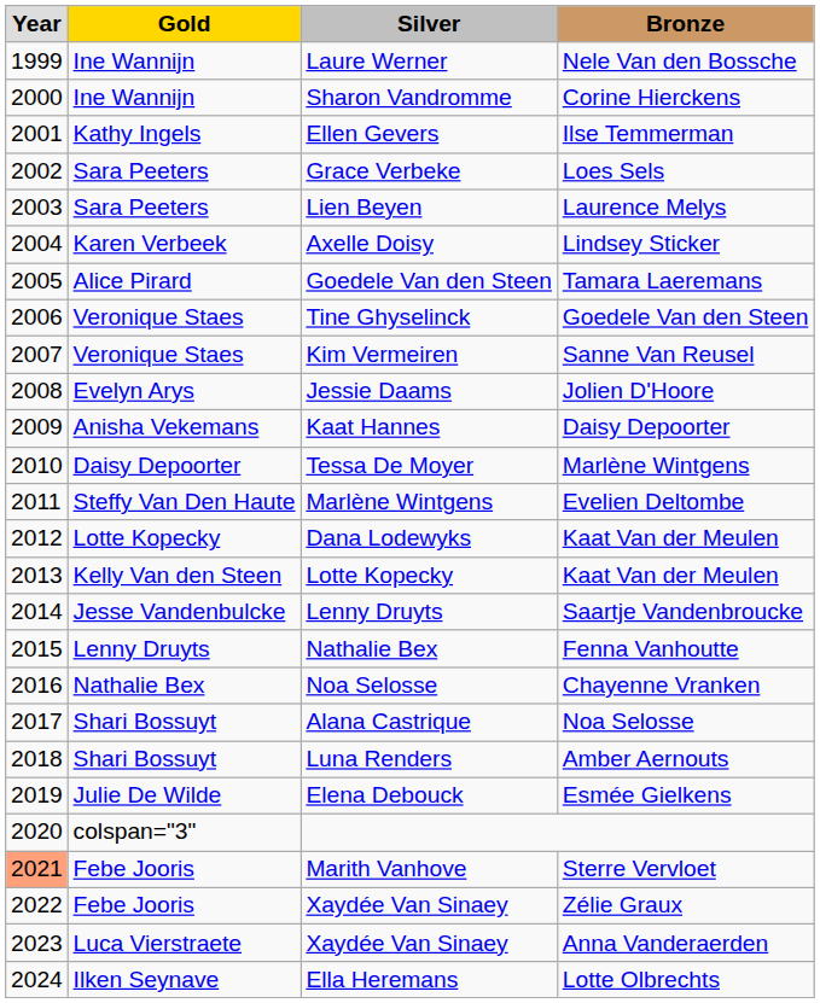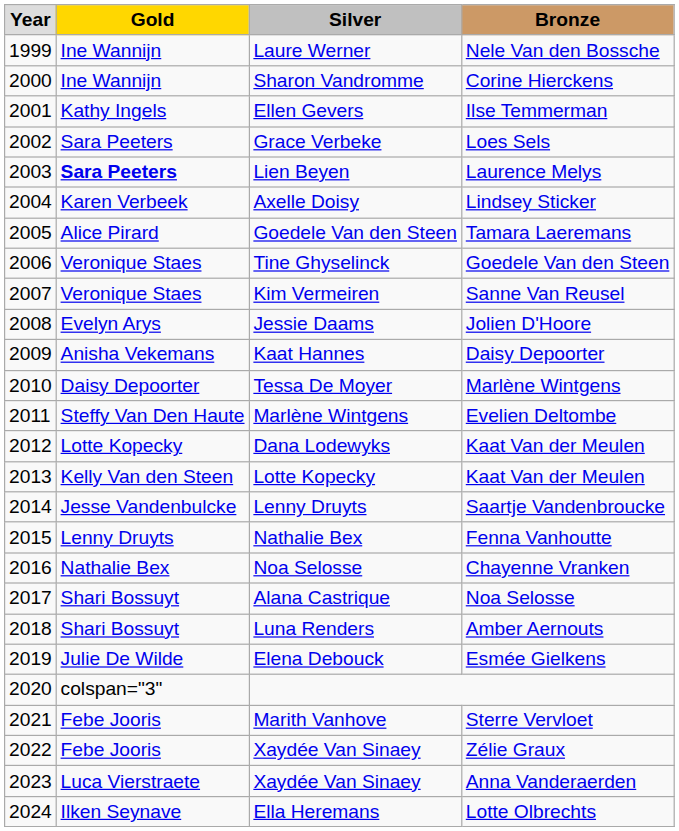 <table class="wikitable" style="text-align:left;">
 <tr>
 <td style="background:#DDDDDD; font-weight:bold; text-align:center;">Year</td>
 <td style="background:gold; font-weight:bold; text-align:center;">Gold</td>
 <td style="background:silver; font-weight:bold; text-align:center;">Silver</td>
 <td style="background:#cc9966; font-weight:bold; text-align:center;">Bronze</td>
 </tr>
 <tr>
 <td>1999</td>
 <td><a href='#'>Ine Wannijn</a></td>
 <td><a href='#'>Laure Werner</a></td>
 <td><a href='#'>Nele Van den Bossche</a></td>
 </tr>
 <tr>
 <td>2000</td>
 <td><a href='#'>Ine Wannijn</a></td>
 <td><a href='#'>Sharon Vandromme</a></td>
 <td><a href='#'>Corine Hierckens</a></td>
 </tr>
 <tr>
 <td>2001</td>
 <td><a href='#'>Kathy Ingels</a></td>
 <td><a href='#'>Ellen Gevers</a></td>
 <td><a href='#'>Ilse Temmerman</a></td>
 </tr>
 <tr>
 <td>2002</td>
 <td><a href='#'>Sara Peeters</a></td>
 <td><a href='#'>Grace Verbeke</a></td>
 <td><a href='#'>Loes Sels</a></td>
 </tr>
 <tr>
 <td>2003</td>
-<td><a href='#'>Sara Peeters</a></td>
+<td><strong><a href='#'>Sara Peeters</a></strong></td>
 <td><a href='#'>Lien Beyen</a></td>
 <td><a href='#'>Laurence Melys</a></td>
 </tr>
 <tr>
 <td>2004</td>
 <td><a href='#'>Karen Verbeek</a></td>
 <td><a href='#'>Axelle Doisy</a></td>
 <td><a href='#'>Lindsey Sticker</a></td>
 </tr>
 <tr>
 <td>2005</td>
 <td><a href='#'>Alice Pirard</a></td>
 <td><a href='#'>Goedele Van den Steen</a></td>
 <td><a href='#'>Tamara Laeremans</a></td>
 </tr>
 <tr>
 <td>2006</td>
 <td><a href='#'>Veronique Staes</a></td>
 <td><a href='#'>Tine Ghyselinck</a></td>
 <td><a href='#'>Goedele Van den Steen</a></td>
 </tr>
 <tr>
 <td>2007</td>
 <td><a href='#'>Veronique Staes</a></td>
 <td><a href='#'>Kim Vermeiren</a></td>
 <td><a href='#'>Sanne Van Reusel</a></td>
 </tr>
 <tr>
 <td>2008</td>
 <td><a href='#'>Evelyn Arys</a></td>
 <td><a href='#'>Jessie Daams</a></td>
 <td><a href='#'>Jolien D'Hoore</a></td>
 </tr>
 <tr>
 <td>2009</td>
 <td><a href='#'>Anisha Vekemans</a></td>
 <td><a href='#'>Kaat Hannes</a></td>
 <td><a href='#'>Daisy Depoorter</a></td>
 </tr>
 <tr>
 <td>2010</td>
 <td><a href='#'>Daisy Depoorter</a></td>
 <td><a href='#'>Tessa De Moyer</a></td>
 <td><a href='#'>Marlène Wintgens</a></td>
 </tr>
 <tr>
 <td>2011</td>
 <td><a href='#'>Steffy Van Den Haute</a></td>
 <td><a href='#'>Marlène Wintgens</a></td>
 <td><a href='#'>Evelien Deltombe</a></td>
 </tr>
 <tr>
 <td>2012</td>
 <td><a href='#'>Lotte Kopecky</a></td>
 <td><a href='#'>Dana Lodewyks</a></td>
 <td><a href='#'>Kaat Van der Meulen</a></td>
 </tr>
 <tr>
 <td>2013</td>
 <td><a href='#'>Kelly Van den Steen</a></td>
 <td><a href='#'>Lotte Kopecky</a></td>
 <td><a href='#'>Kaat Van der Meulen</a></td>
 </tr>
 <tr>
 <td>2014</td>
 <td><a href='#'>Jesse Vandenbulcke</a></td>
 <td><a href='#'>Lenny Druyts</a></td>
 <td><a href='#'>Saartje Vandenbroucke</a></td>
 </tr>
 <tr>
 <td>2015</td>
 <td><a href='#'>Lenny Druyts</a></td>
 <td><a href='#'>Nathalie Bex</a></td>
 <td><a href='#'>Fenna Vanhoutte</a></td>
 </tr>
 <tr>
 <td>2016</td>
 <td><a href='#'>Nathalie Bex</a></td>
 <td><a href='#'>Noa Selosse</a></td>
 <td><a href='#'>Chayenne Vranken</a></td>
 </tr>
 <tr>
 <td>2017</td>
 <td><a href='#'>Shari Bossuyt</a></td>
 <td><a href='#'>Alana Castrique</a></td>
 <td><a href='#'>Noa Selosse</a></td>
 </tr>
 <tr>
 <td>2018</td>
 <td><a href='#'>Shari Bossuyt</a></td>
 <td><a href='#'>Luna Renders</a></td>
 <td><a href='#'>Amber Aernouts</a></td>
 </tr>
 <tr>
 <td>2019</td>
 <td><a href='#'>Julie De Wilde</a></td>
 <td><a href='#'>Elena Debouck</a></td>
 <td><a href='#'>Esmée Gielkens</a></td>
 </tr>
 <tr>
 <td>2020</td>
 <td>colspan="3" </td>
 </tr>
 <tr>
-<td style="background: lightsalmon;">2021</td>
+<td>2021</td>
 <td><a href='#'>Febe Jooris</a></td>
 <td><a href='#'>Marith Vanhove</a></td>
 <td><a href='#'>Sterre Vervloet</a></td>
 </tr>
 <tr>
 <td>2022</td>
 <td><a href='#'>Febe Jooris</a></td>
 <td><a href='#'>Xaydée Van Sinaey</a></td>
 <td><a href='#'>Zélie Graux</a></td>
 </tr>
 <tr>
 <td>2023</td>
 <td><a href='#'>Luca Vierstraete</a></td>
 <td><a href='#'>Xaydée Van Sinaey</a></td>
 <td><a href='#'>Anna Vanderaerden</a></td>
 </tr>
 <tr>
 <td>2024</td>
 <td><a href='#'>Ilken Seynave</a></td>
 <td><a href='#'>Ella Heremans</a></td>
 <td><a href='#'>Lotte Olbrechts</a></td>
 </tr>
 </table>
